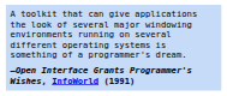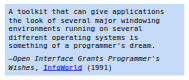 <table class="toccolours" style="float: right; margin-left: 1em; margin-right: 2em; font-size: 85%; background:#c6dbf7; color:black; width:25em; max-width: 25%;" cellspacing="5">
 <tr>
 <td style="text-align: left;">A toolkit that can give applications the look of several major windowing environments running on several different operating systems is something of a programmer's dream.</td>
 </tr>
 <tr>
-<td style="text-align: left;"><strong>—<em>Open Interface Grants Programmer's Wishes</em>, <a href='#'>InfoWorld</a> (1991)</strong></td>
+<td style="text-align: left;">—<em>Open Interface Grants Programmer's Wishes</em>, <a href='#'>InfoWorld</a> (1991)</td>
 </tr>
 </table>
